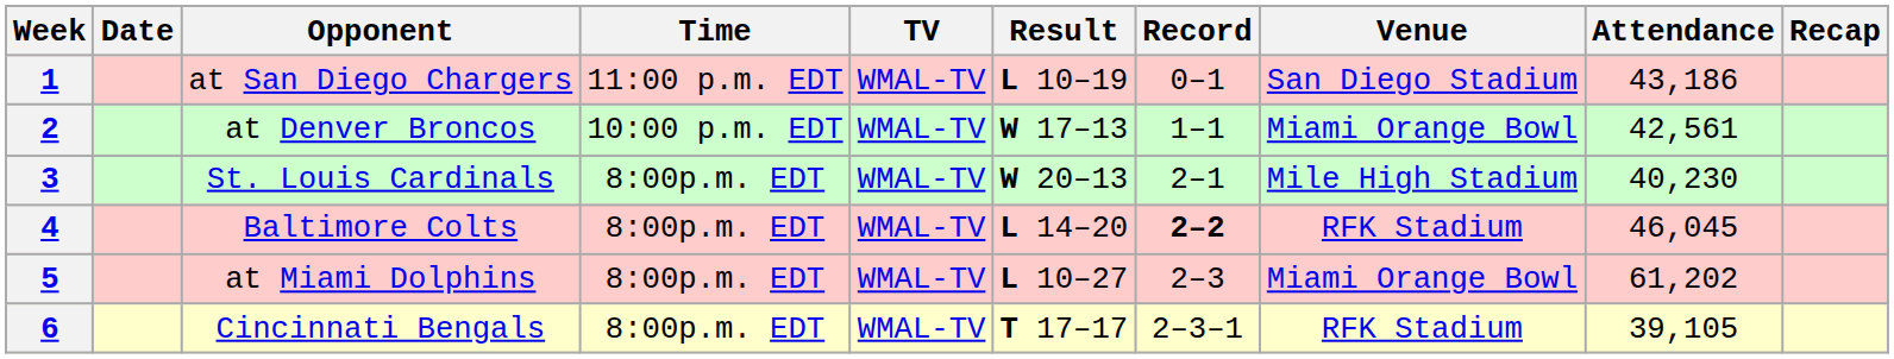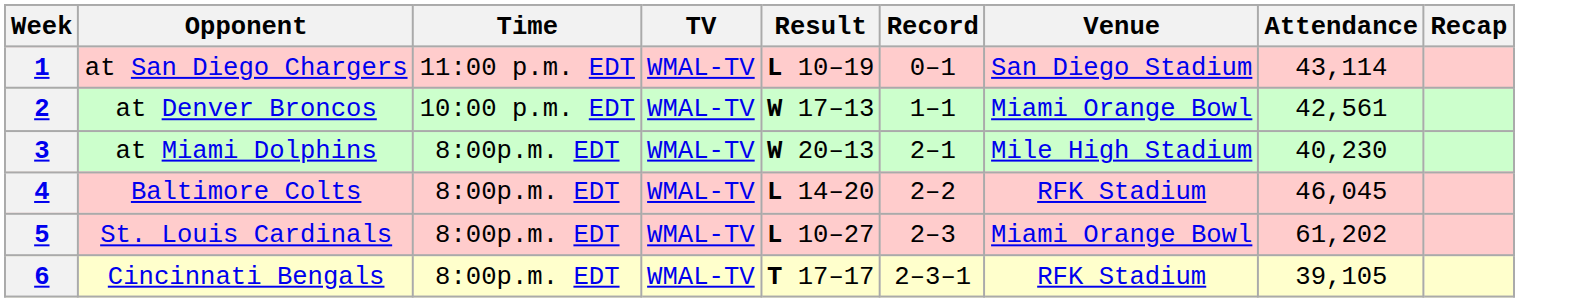 <table class="wikitable" style="text-align:center">
 <tr>
 <th>Week</th>
-<th>Date</th>
 <th>Opponent</th>
 <th>Time</th>
 <th>TV</th>
 <th>Result</th>
 <th>Record</th>
 <th>Venue</th>
 <th>Attendance</th>
 <th>Recap</th>
 </tr>
 <tr style="background:#fcc">
 <th><a href='#'>1</a></th>
-<td></td>
 <td>at <a href='#'>San Diego Chargers</a></td>
 <td>11:00 p.m. <a href='#'>EDT</a></td>
 <td><a href='#'>WMAL-TV</a></td>
 <td><strong>L</strong> 10–19</td>
 <td>0–1</td>
 <td><a href='#'>San Diego Stadium</a></td>
-<td>43,186</td>
+<td>43,114</td>
 <td></td>
 </tr>
 <tr style="background:#cfc">
 <th><a href='#'>2</a></th>
-<td></td>
 <td>at <a href='#'>Denver Broncos</a></td>
 <td>10:00 p.m. <a href='#'>EDT</a></td>
 <td><a href='#'>WMAL-TV</a></td>
 <td><strong>W</strong> 17–13</td>
 <td>1–1</td>
 <td><a href='#'>Miami Orange Bowl</a></td>
 <td>42,561</td>
 <td></td>
 </tr>
 <tr style="background:#cfc">
 <th><a href='#'>3</a></th>
-<td></td>
-<td><a href='#'>St. Louis Cardinals</a></td>
+<td>at <a href='#'>Miami Dolphins</a></td>
 <td>8:00p.m. <a href='#'>EDT</a></td>
 <td><a href='#'>WMAL-TV</a></td>
 <td><strong>W</strong> 20–13</td>
 <td>2–1</td>
 <td><a href='#'>Mile High Stadium</a></td>
 <td>40,230</td>
 <td></td>
 </tr>
 <tr style="background:#fcc">
 <th><a href='#'>4</a></th>
-<td></td>
 <td><a href='#'>Baltimore Colts</a></td>
 <td>8:00p.m. <a href='#'>EDT</a></td>
 <td><a href='#'>WMAL-TV</a></td>
 <td><strong>L</strong> 14–20</td>
-<td><strong>2–2</strong></td>
+<td>2–2</td>
 <td><a href='#'>RFK Stadium</a></td>
 <td>46,045</td>
 <td></td>
 </tr>
 <tr style="background:#fcc">
 <th><a href='#'>5</a></th>
-<td></td>
-<td>at <a href='#'>Miami Dolphins</a></td>
+<td><a href='#'>St. Louis Cardinals</a></td>
 <td>8:00p.m. <a href='#'>EDT</a></td>
 <td><a href='#'>WMAL-TV</a></td>
 <td><strong>L</strong> 10–27</td>
 <td>2–3</td>
 <td><a href='#'>Miami Orange Bowl</a></td>
 <td>61,202</td>
 <td></td>
 </tr>
 <tr style="background:#ffc">
 <th><a href='#'>6</a></th>
-<td></td>
 <td><a href='#'>Cincinnati Bengals</a></td>
 <td>8:00p.m. <a href='#'>EDT</a></td>
 <td><a href='#'>WMAL-TV</a></td>
 <td><strong>T</strong> 17–17</td>
 <td>2–3–1</td>
 <td><a href='#'>RFK Stadium</a></td>
 <td>39,105</td>
 <td></td>
 </tr>
 </table>
